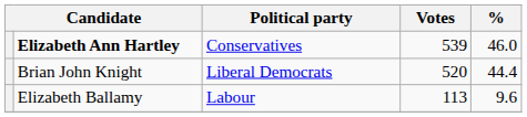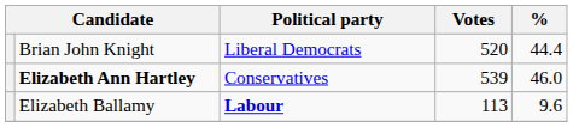 <table class="wikitable">
 <tr>
 <th valign=top colspan="2" style="width: 180px">Candidate</th>
 <th valign=top style="width: 180px">Political party</th>
 <th valign=top style="width: 60px">Votes</th>
 <th valign=top style="width: 40px">%</th>
+</tr>
+<tr>
+<th style="background-color: "></th>
+<td>Brian John Knight</td>
+<td><a href='#'>Liberal Democrats</a></td>
+<td align="right">520</td>
+<td align="right">44.4</td>
 </tr>
 <tr>
 <th style="background-color: "></th>
 <td><strong>Elizabeth Ann Hartley</strong></td>
 <td><a href='#'>Conservatives</a></td>
 <td align="right">539</td>
 <td align="right">46.0</td>
 </tr>
 <tr>
 <th style="background-color: "></th>
-<td>Brian John Knight</td>
-<td><a href='#'>Liberal Democrats</a></td>
-<td align="right">520</td>
-<td align="right">44.4</td>
-</tr>
-<tr>
-<th style="background-color: "></th>
 <td>Elizabeth Ballamy</td>
-<td><a href='#'>Labour</a></td>
+<td><strong><a href='#'>Labour</a></strong></td>
 <td align="right">113</td>
 <td align="right">9.6</td>
 </tr>
 <tr>
 </tr>
 </table>
